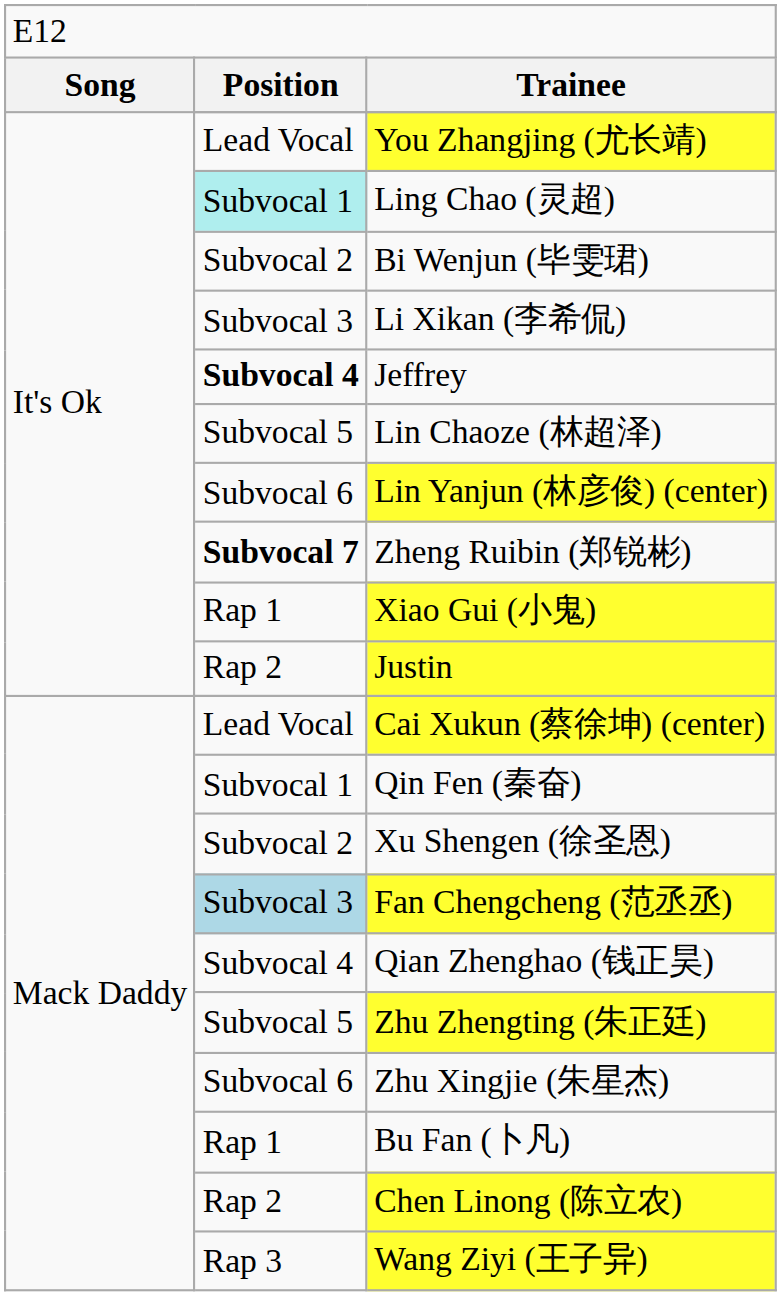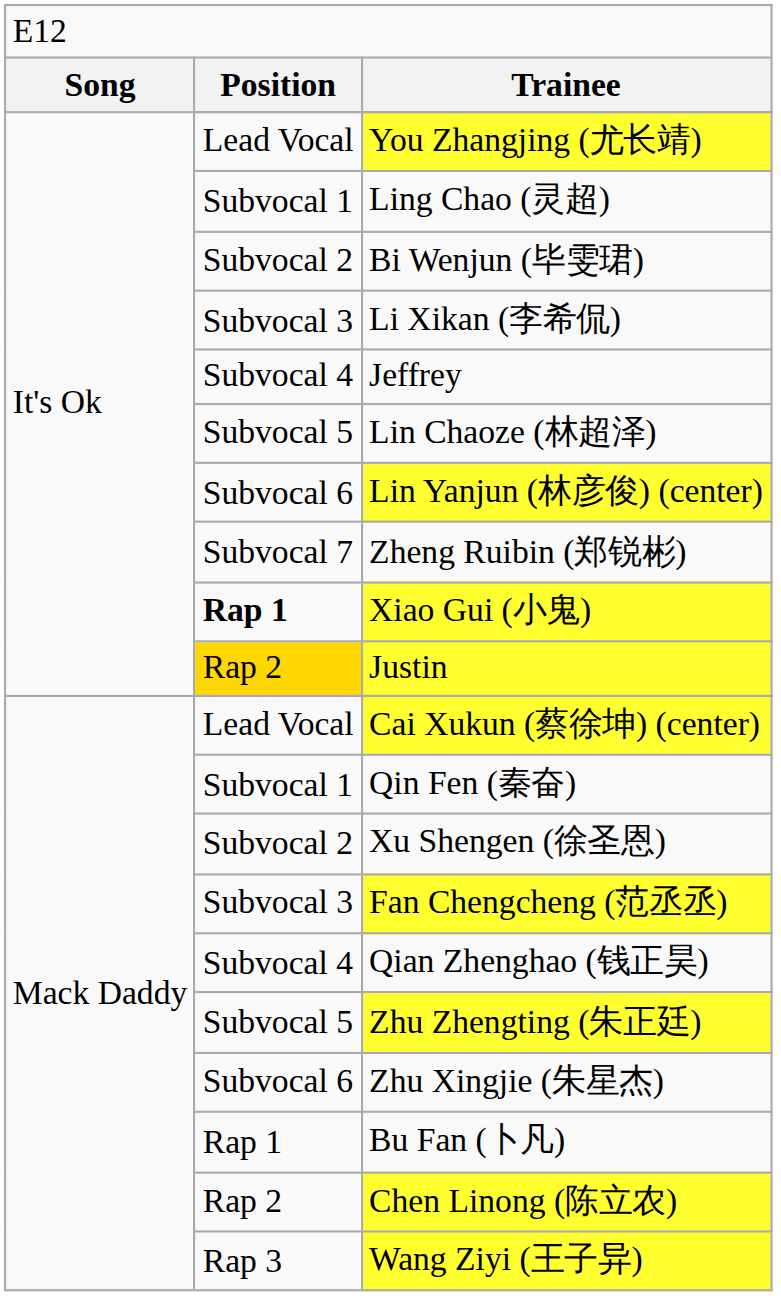 <table class="wikitable mw-collapsible">
 <tr>
 <td colspan="3">E12</td>
 </tr>
 <tr>
 <th>Song</th>
 <th>Position</th>
 <th>Trainee</th>
 </tr>
 <tr>
 <td rowspan="11">It's Ok</td>
 </tr>
 <tr>
 <td>Lead Vocal</td>
 <td style=background:#FFFF2F;>You Zhangjing (尤长靖)</td>
 </tr>
 <tr>
-<td style="background: paleturquoise;">Subvocal 1</td>
+<td>Subvocal 1</td>
 <td>Ling Chao (灵超)</td>
 </tr>
 <tr>
 <td>Subvocal 2</td>
 <td>Bi Wenjun (毕雯珺)</td>
 </tr>
 <tr>
 <td>Subvocal 3</td>
 <td>Li Xikan (李希侃)</td>
 </tr>
 <tr>
-<td><strong>Subvocal 4</strong></td>
+<td>Subvocal 4</td>
 <td>Jeffrey</td>
 </tr>
 <tr>
 <td>Subvocal 5</td>
 <td>Lin Chaoze (林超泽)</td>
 </tr>
 <tr>
 <td>Subvocal 6</td>
 <td style=background:#FFFF2F;>Lin Yanjun (林彦俊) (center)</td>
 </tr>
 <tr>
-<td><strong>Subvocal 7</strong></td>
+<td>Subvocal 7</td>
 <td>Zheng Ruibin (郑锐彬)</td>
 </tr>
 <tr>
-<td>Rap 1</td>
+<td><strong>Rap 1</strong></td>
 <td style=background:#FFFF2F;>Xiao Gui (小鬼)</td>
 </tr>
 <tr>
-<td>Rap 2</td>
+<td style="background: gold;">Rap 2</td>
 <td style=background:#FFFF2F;>Justin</td>
 </tr>
 <tr>
 <td rowspan="11">Mack Daddy</td>
 </tr>
 <tr>
 <td>Lead Vocal</td>
 <td style=background:#FFFF2F;>Cai Xukun (蔡徐坤) (center)</td>
 </tr>
 <tr>
 <td>Subvocal 1</td>
 <td>Qin Fen (秦奋)</td>
 </tr>
 <tr>
 <td>Subvocal 2</td>
 <td>Xu Shengen (徐圣恩)</td>
 </tr>
 <tr>
-<td style="background: lightblue;">Subvocal 3</td>
+<td>Subvocal 3</td>
 <td style=background:#FFFF2F;>Fan Chengcheng (范丞丞)</td>
 </tr>
 <tr>
 <td>Subvocal 4</td>
 <td>Qian Zhenghao (钱正昊)</td>
 </tr>
 <tr>
 <td>Subvocal 5</td>
 <td style=background:#FFFF2F;>Zhu Zhengting (朱正廷)</td>
 </tr>
 <tr>
 <td>Subvocal 6</td>
 <td>Zhu Xingjie (朱星杰)</td>
 </tr>
 <tr>
 <td>Rap 1</td>
 <td>Bu Fan (卜凡)</td>
 </tr>
 <tr>
 <td>Rap 2</td>
 <td style=background:#FFFF2F;>Chen Linong (陈立农)</td>
 </tr>
 <tr>
 <td>Rap 3</td>
 <td style=background:#FFFF2F;>Wang Ziyi (王子异)</td>
 </tr>
 </table>
